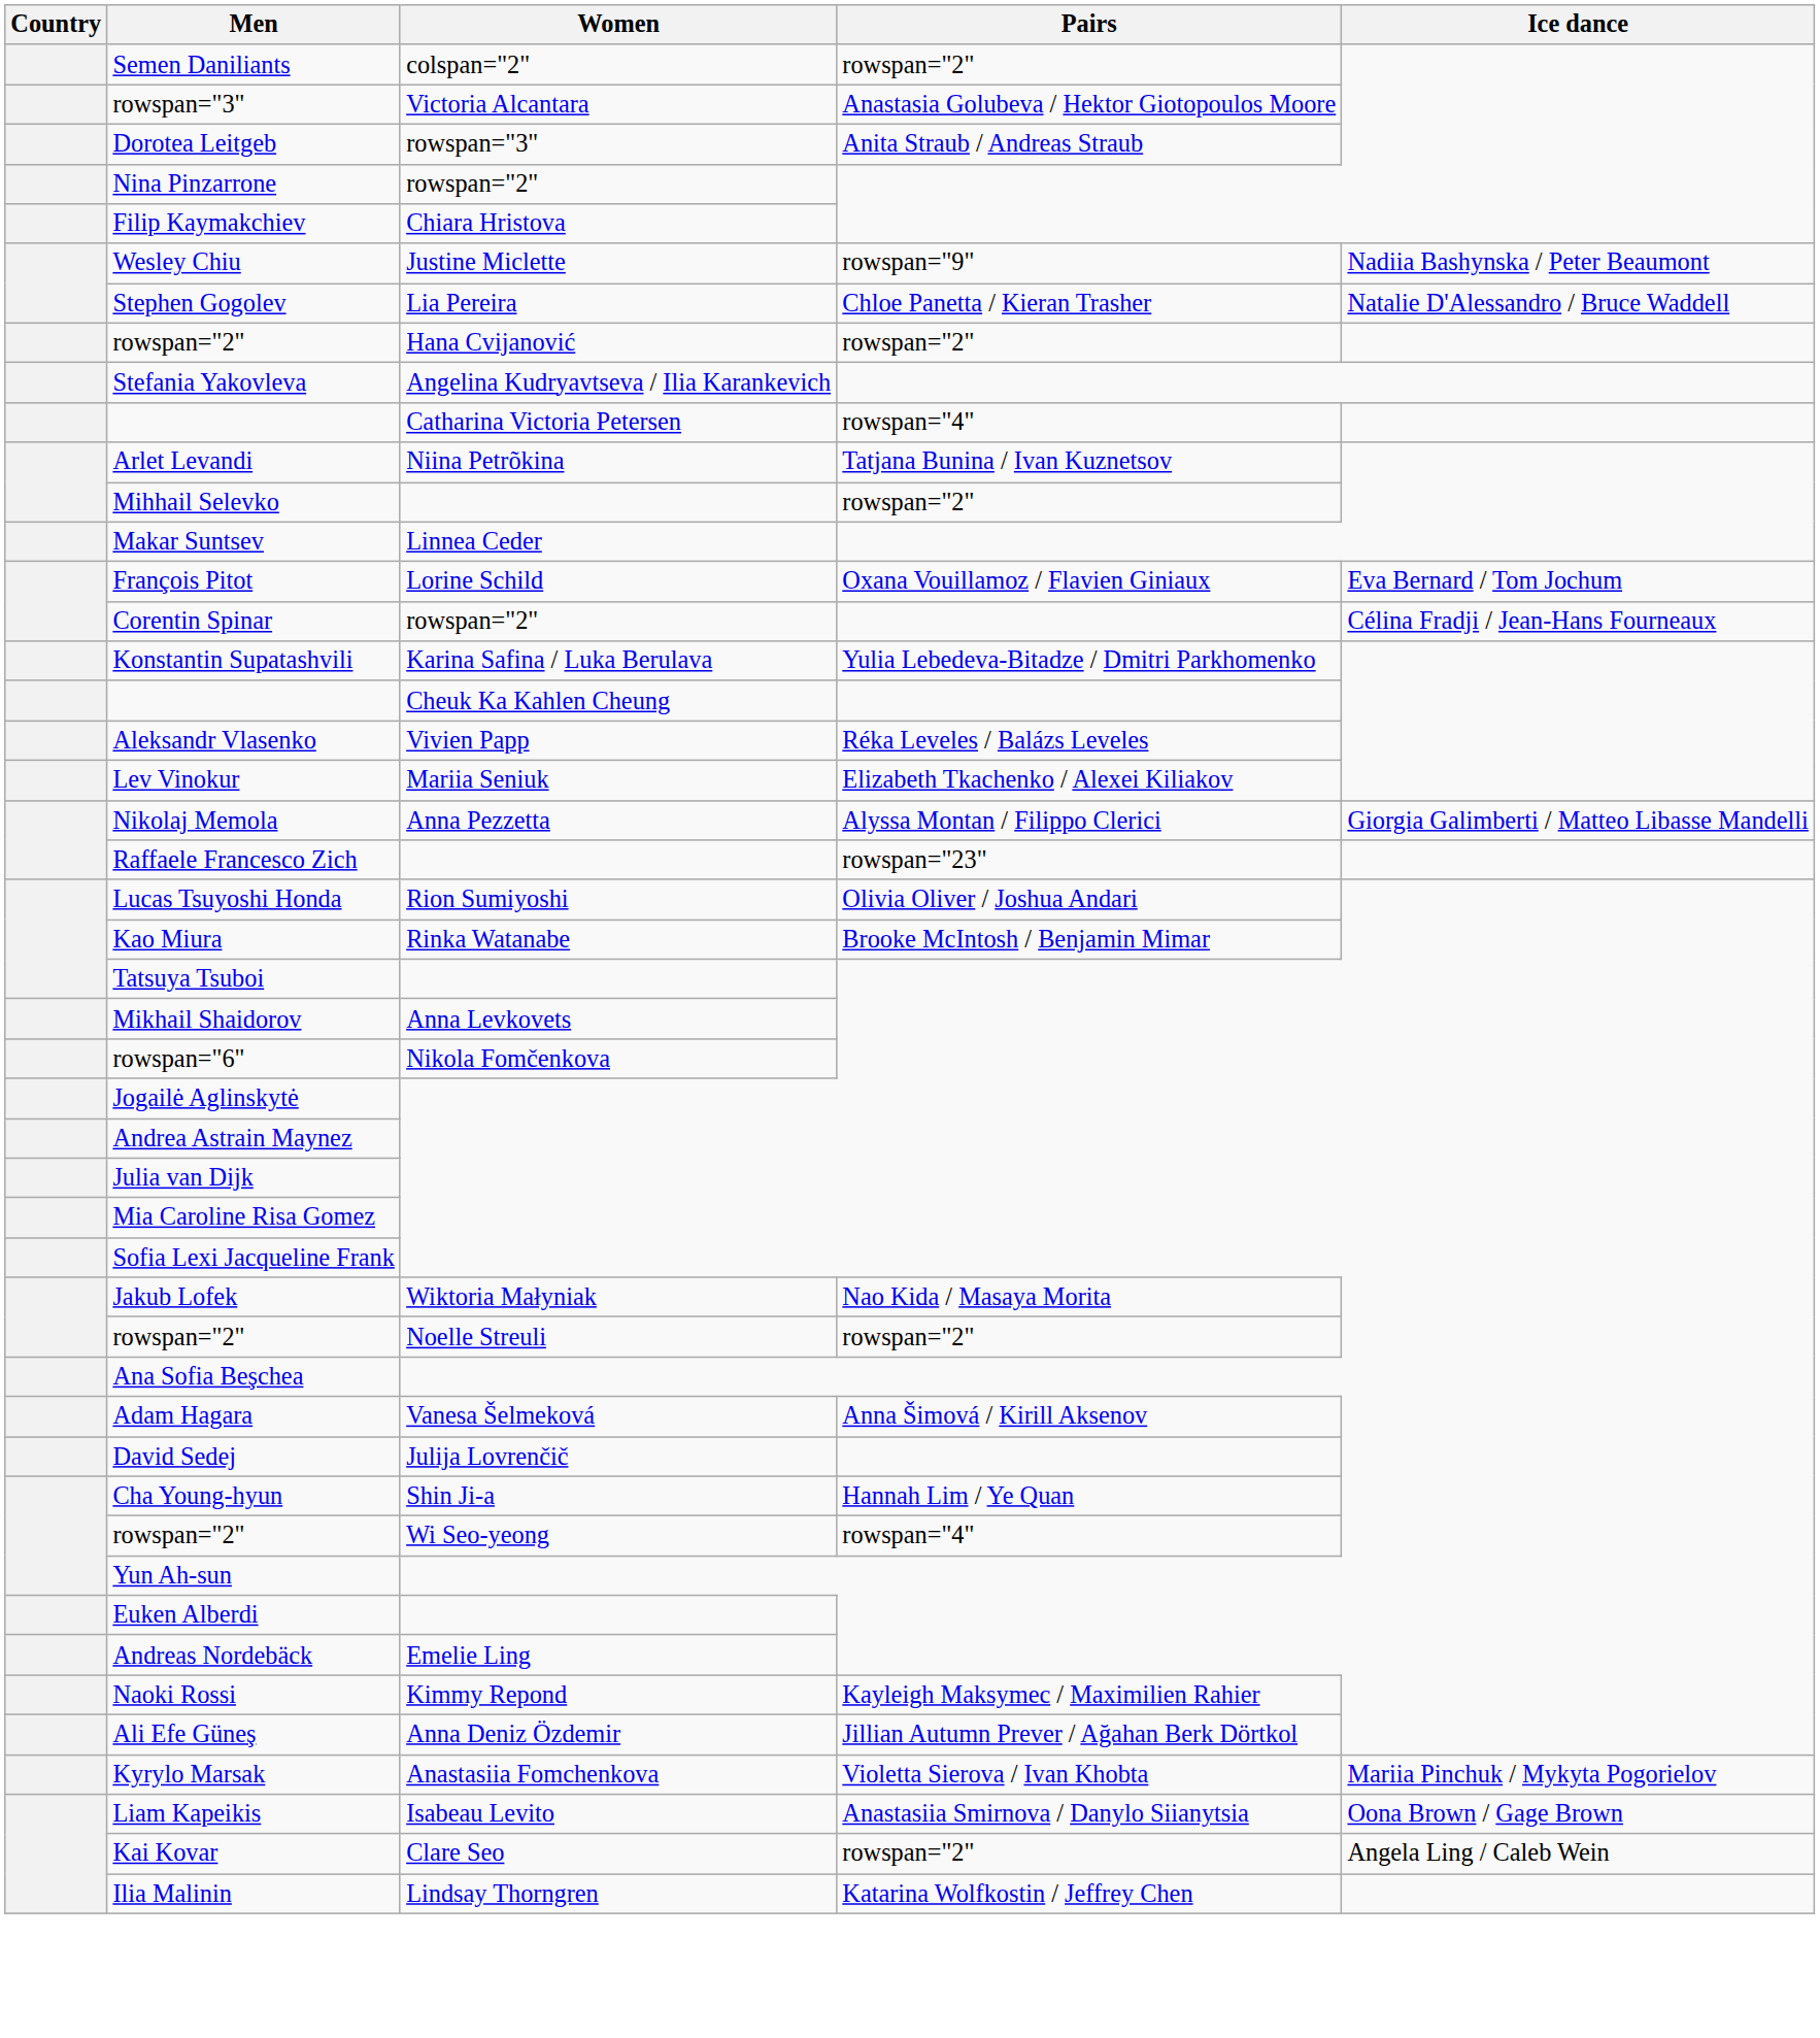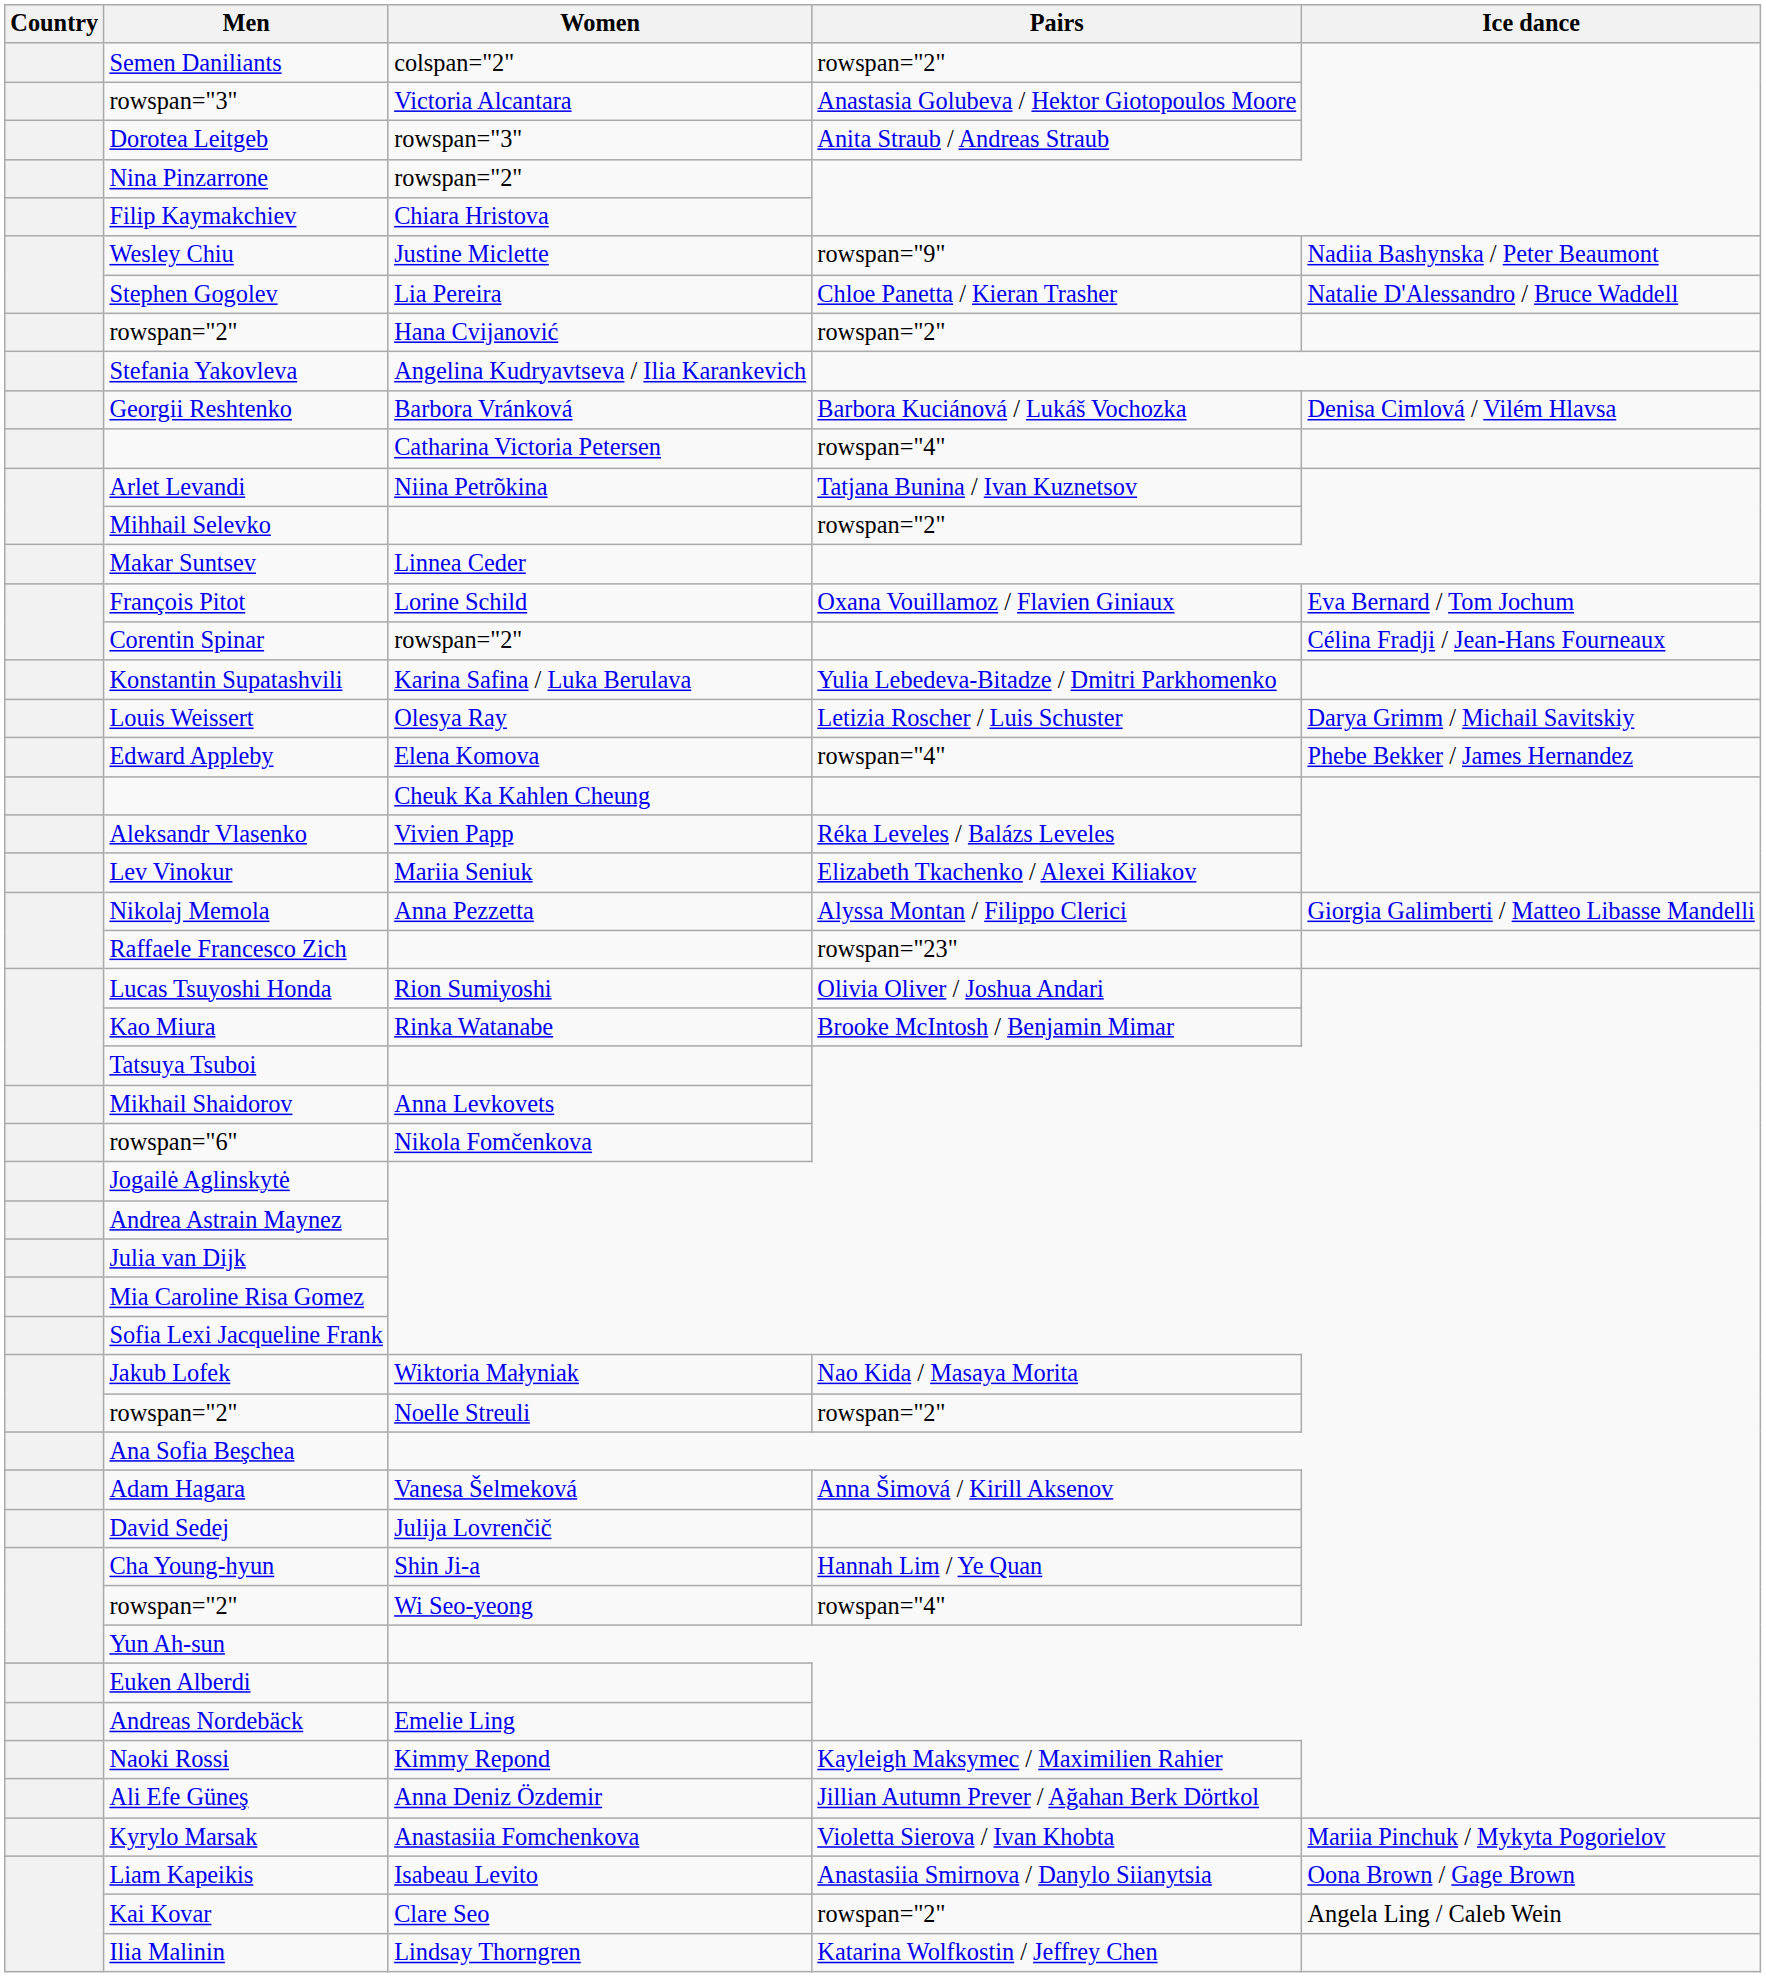 <table class="wikitable unsortable" style="text-align:left;">
 <tr>
 <th scope="col">Country</th>
 <th scope="col">Men</th>
 <th scope="col">Women</th>
 <th scope="col">Pairs</th>
 <th scope="col">Ice dance</th>
 </tr>
 <tr>
 <th scope="row" style="text-align:left"></th>
 <td><a href='#'>Semen Daniliants</a></td>
 <td>colspan="2" </td>
 <td>rowspan="2" </td>
 </tr>
 <tr>
 <th scope="row" style="text-align:left"></th>
 <td>rowspan="3" </td>
 <td><a href='#'>Victoria Alcantara</a></td>
 <td><a href='#'>Anastasia Golubeva</a> / <a href='#'>Hektor Giotopoulos Moore</a></td>
 </tr>
 <tr>
 <th scope="row" style="text-align:left"></th>
 <td><a href='#'>Dorotea Leitgeb</a></td>
 <td>rowspan="3" </td>
 <td><a href='#'>Anita Straub</a> / <a href='#'>Andreas Straub</a></td>
 </tr>
 <tr>
 <th scope="row" style="text-align:left"></th>
 <td><a href='#'>Nina Pinzarrone</a></td>
 <td>rowspan="2" </td>
 </tr>
 <tr>
 <th scope="row" style="text-align:left"></th>
 <td><a href='#'>Filip Kaymakchiev</a></td>
 <td><a href='#'>Chiara Hristova</a></td>
 </tr>
 <tr>
 <th rowspan="2" scope="row" style="text-align:left"></th>
 <td><a href='#'>Wesley Chiu</a></td>
 <td><a href='#'>Justine Miclette</a></td>
 <td>rowspan="9" </td>
 <td><a href='#'>Nadiia Bashynska</a> / <a href='#'>Peter Beaumont</a></td>
 </tr>
 <tr>
 <td><a href='#'>Stephen Gogolev</a></td>
 <td><a href='#'>Lia Pereira</a></td>
 <td><a href='#'>Chloe Panetta</a> / <a href='#'>Kieran Trasher</a></td>
 <td><a href='#'>Natalie D'Alessandro</a> / <a href='#'>Bruce Waddell</a></td>
 </tr>
 <tr>
 <th scope="row" style="text-align:left"></th>
 <td>rowspan="2" </td>
 <td><a href='#'>Hana Cvijanović</a></td>
 <td>rowspan="2" </td>
 <td></td>
 </tr>
 <tr>
 <th scope="row" style="text-align:left"></th>
 <td><a href='#'>Stefania Yakovleva</a></td>
 <td><a href='#'>Angelina Kudryavtseva</a> / <a href='#'>Ilia Karankevich</a></td>
 </tr>
 <tr>
 <th scope="row" style="text-align:left"></th>
+<td><a href='#'>Georgii Reshtenko</a></td>
+<td><a href='#'>Barbora Vránková</a></td>
+<td><a href='#'>Barbora Kuciánová</a> / <a href='#'>Lukáš Vochozka</a></td>
+<td><a href='#'>Denisa Cimlová</a> / <a href='#'>Vilém Hlavsa</a></td>
+</tr>
+<tr>
+<th scope="row" style="text-align:left"></th>
 <td></td>
 <td><a href='#'>Catharina Victoria Petersen</a></td>
 <td>rowspan="4" </td>
 <td></td>
 </tr>
 <tr>
 <th rowspan="2" scope="row" style="text-align:left"></th>
 <td><a href='#'>Arlet Levandi</a></td>
 <td><a href='#'>Niina Petrõkina</a></td>
 <td><a href='#'>Tatjana Bunina</a> / <a href='#'>Ivan Kuznetsov</a></td>
 </tr>
 <tr>
 <td><a href='#'>Mihhail Selevko</a></td>
 <td></td>
 <td>rowspan="2" </td>
 </tr>
 <tr>
 <th scope="row" style="text-align:left"></th>
 <td><a href='#'>Makar Suntsev</a></td>
 <td><a href='#'>Linnea Ceder</a></td>
 </tr>
 <tr>
 <th rowspan="2" scope="row" style="text-align:left"></th>
 <td><a href='#'>François Pitot</a></td>
 <td><a href='#'>Lorine Schild</a></td>
 <td><a href='#'>Oxana Vouillamoz</a> / <a href='#'>Flavien Giniaux</a></td>
 <td><a href='#'>Eva Bernard</a> / <a href='#'>Tom Jochum</a></td>
 </tr>
 <tr>
 <td><a href='#'>Corentin Spinar</a></td>
 <td>rowspan="2" </td>
 <td></td>
 <td><a href='#'>Célina Fradji</a> / <a href='#'>Jean-Hans Fourneaux</a></td>
 </tr>
 <tr>
 <th scope="row" style="text-align:left"></th>
 <td><a href='#'>Konstantin Supatashvili</a></td>
 <td><a href='#'>Karina Safina</a> / <a href='#'>Luka Berulava</a></td>
 <td><a href='#'>Yulia Lebedeva-Bitadze</a> / <a href='#'>Dmitri Parkhomenko</a></td>
+</tr>
+<tr>
+<th scope="row" style="text-align:left"></th>
+<td><a href='#'>Louis Weissert</a></td>
+<td><a href='#'>Olesya Ray</a></td>
+<td><a href='#'>Letizia Roscher</a> / <a href='#'>Luis Schuster</a></td>
+<td><a href='#'>Darya Grimm</a> / <a href='#'>Michail Savitskiy</a></td>
+</tr>
+<tr>
+<th scope="row" style="text-align:left"></th>
+<td><a href='#'>Edward Appleby</a></td>
+<td><a href='#'>Elena Komova</a></td>
+<td>rowspan="4" </td>
+<td><a href='#'>Phebe Bekker</a> / <a href='#'>James Hernandez</a></td>
 </tr>
 <tr>
 <th scope="row" style="text-align:left"></th>
 <td></td>
 <td><a href='#'>Cheuk Ka Kahlen Cheung</a></td>
 <td></td>
 </tr>
 <tr>
 <th scope="row" style="text-align:left"></th>
 <td><a href='#'>Aleksandr Vlasenko</a></td>
 <td><a href='#'>Vivien Papp</a></td>
 <td><a href='#'>Réka Leveles</a> / <a href='#'>Balázs Leveles</a></td>
 </tr>
 <tr>
 <th scope="row" style="text-align:left"></th>
 <td><a href='#'>Lev Vinokur</a></td>
 <td><a href='#'>Mariia Seniuk</a></td>
 <td><a href='#'>Elizabeth Tkachenko</a> / <a href='#'>Alexei Kiliakov</a></td>
 </tr>
 <tr>
 <th rowspan="2" scope="row" style="text-align:left"></th>
 <td><a href='#'>Nikolaj Memola</a></td>
 <td><a href='#'>Anna Pezzetta</a></td>
 <td><a href='#'>Alyssa Montan</a> / <a href='#'>Filippo Clerici</a></td>
 <td><a href='#'>Giorgia Galimberti</a> / <a href='#'>Matteo Libasse Mandelli</a></td>
 </tr>
 <tr>
 <td><a href='#'>Raffaele Francesco Zich</a></td>
 <td></td>
 <td>rowspan="23" </td>
 <td></td>
 </tr>
 <tr>
 <th rowspan="3" scope="row" style="text-align:left"></th>
 <td><a href='#'>Lucas Tsuyoshi Honda</a></td>
 <td><a href='#'>Rion Sumiyoshi</a></td>
 <td><a href='#'>Olivia Oliver</a> / <a href='#'>Joshua Andari</a></td>
 </tr>
 <tr>
 <td><a href='#'>Kao Miura</a></td>
 <td><a href='#'>Rinka Watanabe</a></td>
 <td><a href='#'>Brooke McIntosh</a> / <a href='#'>Benjamin Mimar</a></td>
 </tr>
 <tr>
 <td><a href='#'>Tatsuya Tsuboi</a></td>
 <td></td>
 </tr>
 <tr>
 <th scope="row" style="text-align:left"></th>
 <td><a href='#'>Mikhail Shaidorov</a></td>
 <td><a href='#'>Anna Levkovets</a></td>
 </tr>
 <tr>
 <th scope="row" style="text-align:left"></th>
 <td>rowspan="6" </td>
 <td><a href='#'>Nikola Fomčenkova</a></td>
 </tr>
 <tr>
 <th scope="row" style="text-align:left"></th>
 <td><a href='#'>Jogailė Aglinskytė</a></td>
 </tr>
 <tr>
 <th scope="row" style="text-align:left"></th>
 <td><a href='#'>Andrea Astrain Maynez</a></td>
 </tr>
 <tr>
 <th scope="row" style="text-align:left"></th>
 <td><a href='#'>Julia van Dijk</a></td>
 </tr>
 <tr>
 <th scope="row" style="text-align:left"></th>
 <td><a href='#'>Mia Caroline Risa Gomez</a></td>
 </tr>
 <tr>
 <th scope="row" style="text-align:left"></th>
 <td><a href='#'>Sofia Lexi Jacqueline Frank</a></td>
 </tr>
 <tr>
 <th rowspan="2" scope="row" style="text-align:left"></th>
 <td><a href='#'>Jakub Lofek</a></td>
 <td><a href='#'>Wiktoria Małyniak</a></td>
 <td><a href='#'>Nao Kida</a> / <a href='#'>Masaya Morita</a></td>
 </tr>
 <tr>
 <td>rowspan="2" </td>
 <td><a href='#'>Noelle Streuli</a></td>
 <td>rowspan="2" </td>
 </tr>
 <tr>
 <th scope="row" style="text-align:left"></th>
 <td><a href='#'>Ana Sofia Beşchea</a></td>
 </tr>
 <tr>
 <th scope="row" style="text-align:left"></th>
 <td><a href='#'>Adam Hagara</a></td>
 <td><a href='#'>Vanesa Šelmeková</a></td>
 <td><a href='#'>Anna Šimová</a> / <a href='#'>Kirill Aksenov</a></td>
 </tr>
 <tr>
 <th scope="row" style="text-align:left"></th>
 <td><a href='#'>David Sedej</a></td>
 <td><a href='#'>Julija Lovrenčič</a></td>
 <td></td>
 </tr>
 <tr>
 <th rowspan="3" scope="row" style="text-align:left"></th>
 <td><a href='#'>Cha Young-hyun</a></td>
 <td><a href='#'>Shin Ji-a</a></td>
 <td><a href='#'>Hannah Lim</a> / <a href='#'>Ye Quan</a></td>
 </tr>
 <tr>
 <td>rowspan="2" </td>
 <td><a href='#'>Wi Seo-yeong</a></td>
 <td>rowspan="4" </td>
 </tr>
 <tr>
 <td><a href='#'>Yun Ah-sun</a></td>
 </tr>
 <tr>
 <th scope="row" style="text-align:left"></th>
 <td><a href='#'>Euken Alberdi</a></td>
 <td></td>
 </tr>
 <tr>
 <th scope="row" style="text-align:left"></th>
 <td><a href='#'>Andreas Nordebäck</a></td>
 <td><a href='#'>Emelie Ling</a></td>
 </tr>
 <tr>
 <th scope="row" style="text-align:left"></th>
 <td><a href='#'>Naoki Rossi</a></td>
 <td><a href='#'>Kimmy Repond</a></td>
 <td><a href='#'>Kayleigh Maksymec</a> / <a href='#'>Maximilien Rahier</a></td>
 </tr>
 <tr>
 <th scope="row" style="text-align:left"></th>
 <td><a href='#'>Ali Efe Güneş</a></td>
 <td><a href='#'>Anna Deniz Özdemir</a></td>
 <td><a href='#'>Jillian Autumn Prever</a> / <a href='#'>Ağahan Berk Dörtkol</a></td>
 </tr>
 <tr>
 <th scope="row" style="text-align:left"></th>
 <td><a href='#'>Kyrylo Marsak</a></td>
 <td><a href='#'>Anastasiia Fomchenkova</a></td>
 <td><a href='#'>Violetta Sierova</a> / <a href='#'>Ivan Khobta</a></td>
 <td><a href='#'>Mariia Pinchuk</a> / <a href='#'>Mykyta Pogorielov</a></td>
 </tr>
 <tr>
 <th rowspan="3" scope="row" style="text-align:left"></th>
 <td><a href='#'>Liam Kapeikis</a></td>
 <td><a href='#'>Isabeau Levito</a></td>
 <td><a href='#'>Anastasiia Smirnova</a> / <a href='#'>Danylo Siianytsia</a></td>
 <td><a href='#'>Oona Brown</a> / <a href='#'>Gage Brown</a></td>
 </tr>
 <tr>
 <td><a href='#'>Kai Kovar</a></td>
 <td><a href='#'>Clare Seo</a></td>
 <td>rowspan="2" </td>
 <td>Angela Ling / Caleb Wein</td>
 </tr>
 <tr>
 <td><a href='#'>Ilia Malinin</a></td>
 <td><a href='#'>Lindsay Thorngren</a></td>
 <td><a href='#'>Katarina Wolfkostin</a> / <a href='#'>Jeffrey Chen</a></td>
 </tr>
 </table>
